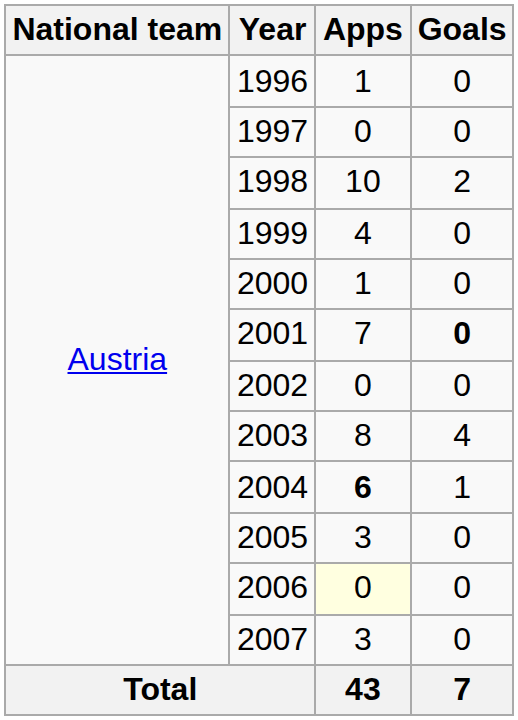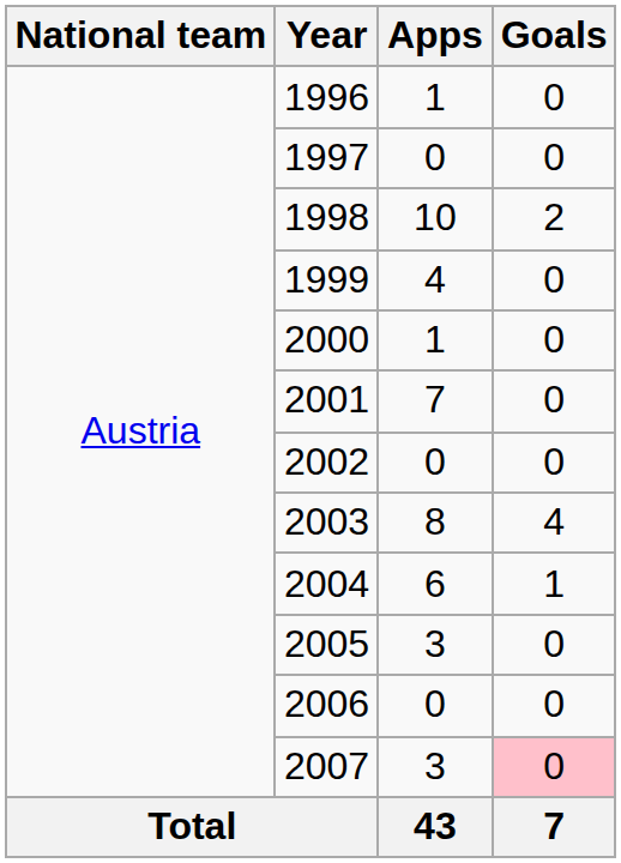 <table class="wikitable" style="text-align:center">
 <tr>
 <th>National team</th>
 <th>Year</th>
 <th>Apps</th>
 <th>Goals</th>
 </tr>
 <tr>
 <td rowspan="12"><a href='#'>Austria</a></td>
 <td>1996</td>
 <td>1</td>
 <td>0</td>
 </tr>
 <tr>
 <td>1997</td>
 <td>0</td>
 <td>0</td>
 </tr>
 <tr>
 <td>1998</td>
 <td>10</td>
 <td>2</td>
 </tr>
 <tr>
 <td>1999</td>
 <td>4</td>
 <td>0</td>
 </tr>
 <tr>
 <td>2000</td>
 <td>1</td>
 <td>0</td>
 </tr>
 <tr>
 <td>2001</td>
 <td>7</td>
-<td><strong>0</strong></td>
+<td>0</td>
 </tr>
 <tr>
 <td>2002</td>
 <td>0</td>
 <td>0</td>
 </tr>
 <tr>
 <td>2003</td>
 <td>8</td>
 <td>4</td>
 </tr>
 <tr>
 <td>2004</td>
-<td><strong>6</strong></td>
+<td>6</td>
 <td>1</td>
 </tr>
 <tr>
 <td>2005</td>
 <td>3</td>
 <td>0</td>
 </tr>
 <tr>
 <td>2006</td>
-<td style="background: lightyellow;">0</td>
+<td>0</td>
 <td>0</td>
 </tr>
 <tr>
 <td>2007</td>
 <td>3</td>
-<td>0</td>
+<td style="background: pink;">0</td>
 </tr>
 <tr>
 <th colspan="2">Total</th>
 <th>43</th>
 <th>7</th>
 </tr>
 </table>
